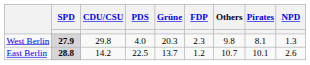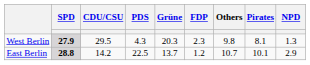 <table class="wikitable sortable" style="text-align: center; font-size: 90%; line-height: 14px;">
 <tr style="height: 40px;">
 <th rowspan="2"></th>
 <th style="width: 40px;"><a href='#'>SPD</a></th>
 <th style="width: 40px;"><a href='#'>CDU/CSU</a></th>
 <th style="width: 40px;"><a href='#'>PDS</a></th>
 <th style="width: 40px;"><a href='#'>Grüne</a></th>
 <th style="width: 40px;"><a href='#'>FDP</a></th>
 <th style="width: 40px;">Others</th>
 <th style="width: 40px;"><a href='#'>Pirates</a></th>
 <th style="width: 40px;"><a href='#'>NPD</a></th>
 </tr>
 <tr>
 <th style="background:"></th>
 <th style="background:"></th>
 <th style="background:"></th>
 <th style="background:"></th>
 <th style="background:"></th>
 <th style="background:"></th>
 <th style="background:"></th>
 <th style="background:"></th>
 </tr>
 <tr>
 <td style="text-align: left;"><a href='#'>West Berlin</a></td>
 <td style="background: #D7D5D7;"><strong>27.9 </strong></td>
-<td>29.8</td>
-<td>4.0</td>
+<td>29.5</td>
+<td>4.3</td>
 <td>20.3</td>
 <td>2.3</td>
 <td>9.8</td>
 <td>8.1</td>
 <td>1.3</td>
 </tr>
 <tr>
 <td style="text-align: left;"><a href='#'>East Berlin</a></td>
 <td style="background: #D7D5D7;"><strong>28.8</strong></td>
 <td>14.2</td>
 <td>22.5</td>
 <td>13.7</td>
 <td>1.2</td>
 <td>10.7</td>
 <td>10.1</td>
-<td>2.6</td>
+<td>2.9</td>
 </tr>
 </table>
